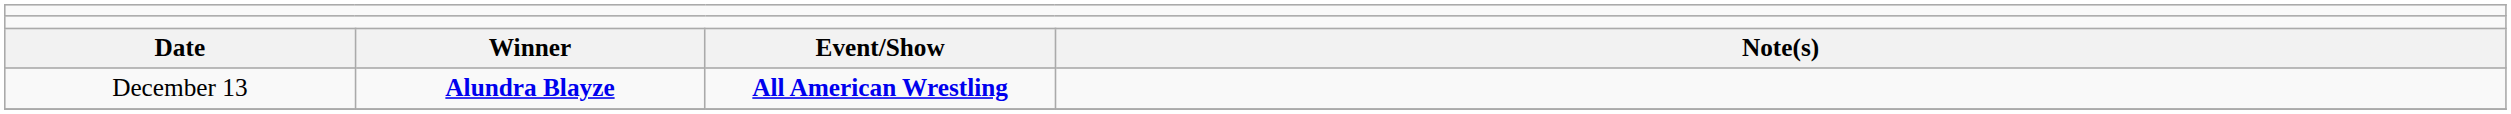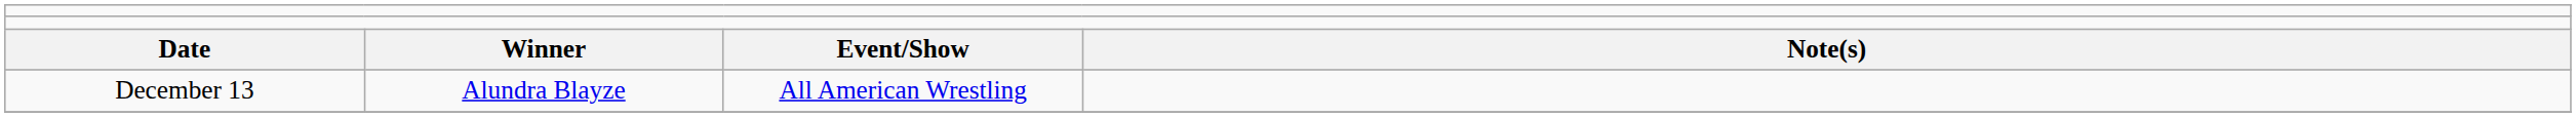 <table class="wikitable" style="text-align:center; width:100%;">
 <tr>
 <td colspan="5"></td>
 </tr>
 <tr>
 <td colspan="5"><strong></strong></td>
 </tr>
 <tr>
 <th width=14%>Date</th>
 <th width=14%>Winner</th>
 <th width=14%>Event/Show</th>
 <th width=58%>Note(s)</th>
 </tr>
 <tr>
 <td>December 13</td>
-<td><strong><a href='#'>Alundra Blayze</a></strong></td>
-<td><strong><a href='#'>All American Wrestling</a></strong></td>
+<td><a href='#'>Alundra Blayze</a></td>
+<td><a href='#'>All American Wrestling</a></td>
 <td align=left></td>
 </tr>
 <tr>
 </tr>
 </table>
